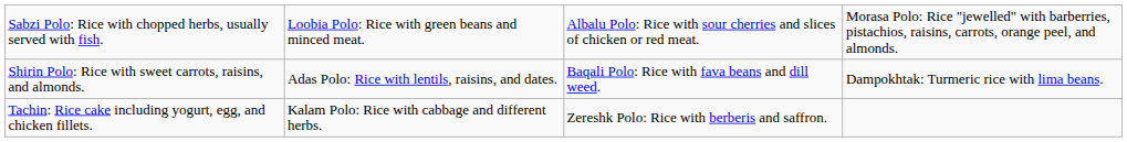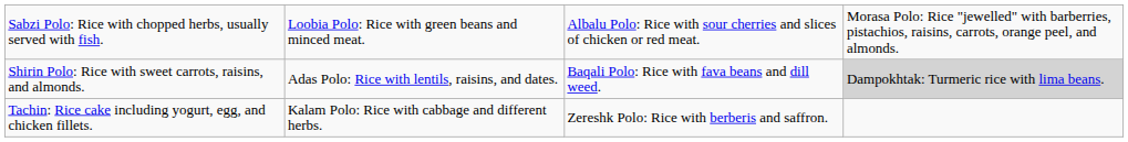 <table class="wikitable">
 <tr>
 <td style="width: 20%;"><a href='#'>Sabzi Polo</a>: Rice with chopped herbs, usually served with <a href='#'>fish</a>.</td>
 <td style="width: 20%;"><a href='#'>Loobia Polo</a>: Rice with green beans and minced meat.</td>
 <td style="width: 20%;"><a href='#'>Albalu Polo</a>: Rice with <a href='#'>sour cherries</a> and slices of chicken or red meat.</td>
 <td style="width: 20%;">Morasa Polo: Rice "jewelled" with barberries, pistachios, raisins, carrots, orange peel, and almonds.</td>
 </tr>
 <tr>
 <td><a href='#'>Shirin Polo</a>: Rice with sweet carrots, raisins, and almonds.</td>
 <td>Adas Polo: <a href='#'>Rice with lentils</a>, raisins, and dates.</td>
 <td><a href='#'>Baqali Polo</a>: Rice with <a href='#'>fava beans</a> and <a href='#'>dill weed</a>.</td>
-<td>Dampokhtak: Turmeric rice with <a href='#'>lima beans</a>.</td>
+<td style="background: lightgrey;">Dampokhtak: Turmeric rice with <a href='#'>lima beans</a>.</td>
 </tr>
 <tr>
 <td><a href='#'>Tachin</a>: <a href='#'>Rice cake</a> including yogurt, egg, and chicken fillets.</td>
 <td>Kalam Polo: Rice with cabbage and different herbs.</td>
 <td>Zereshk Polo: Rice with <a href='#'>berberis</a> and saffron.</td>
 </tr>
 </table>
